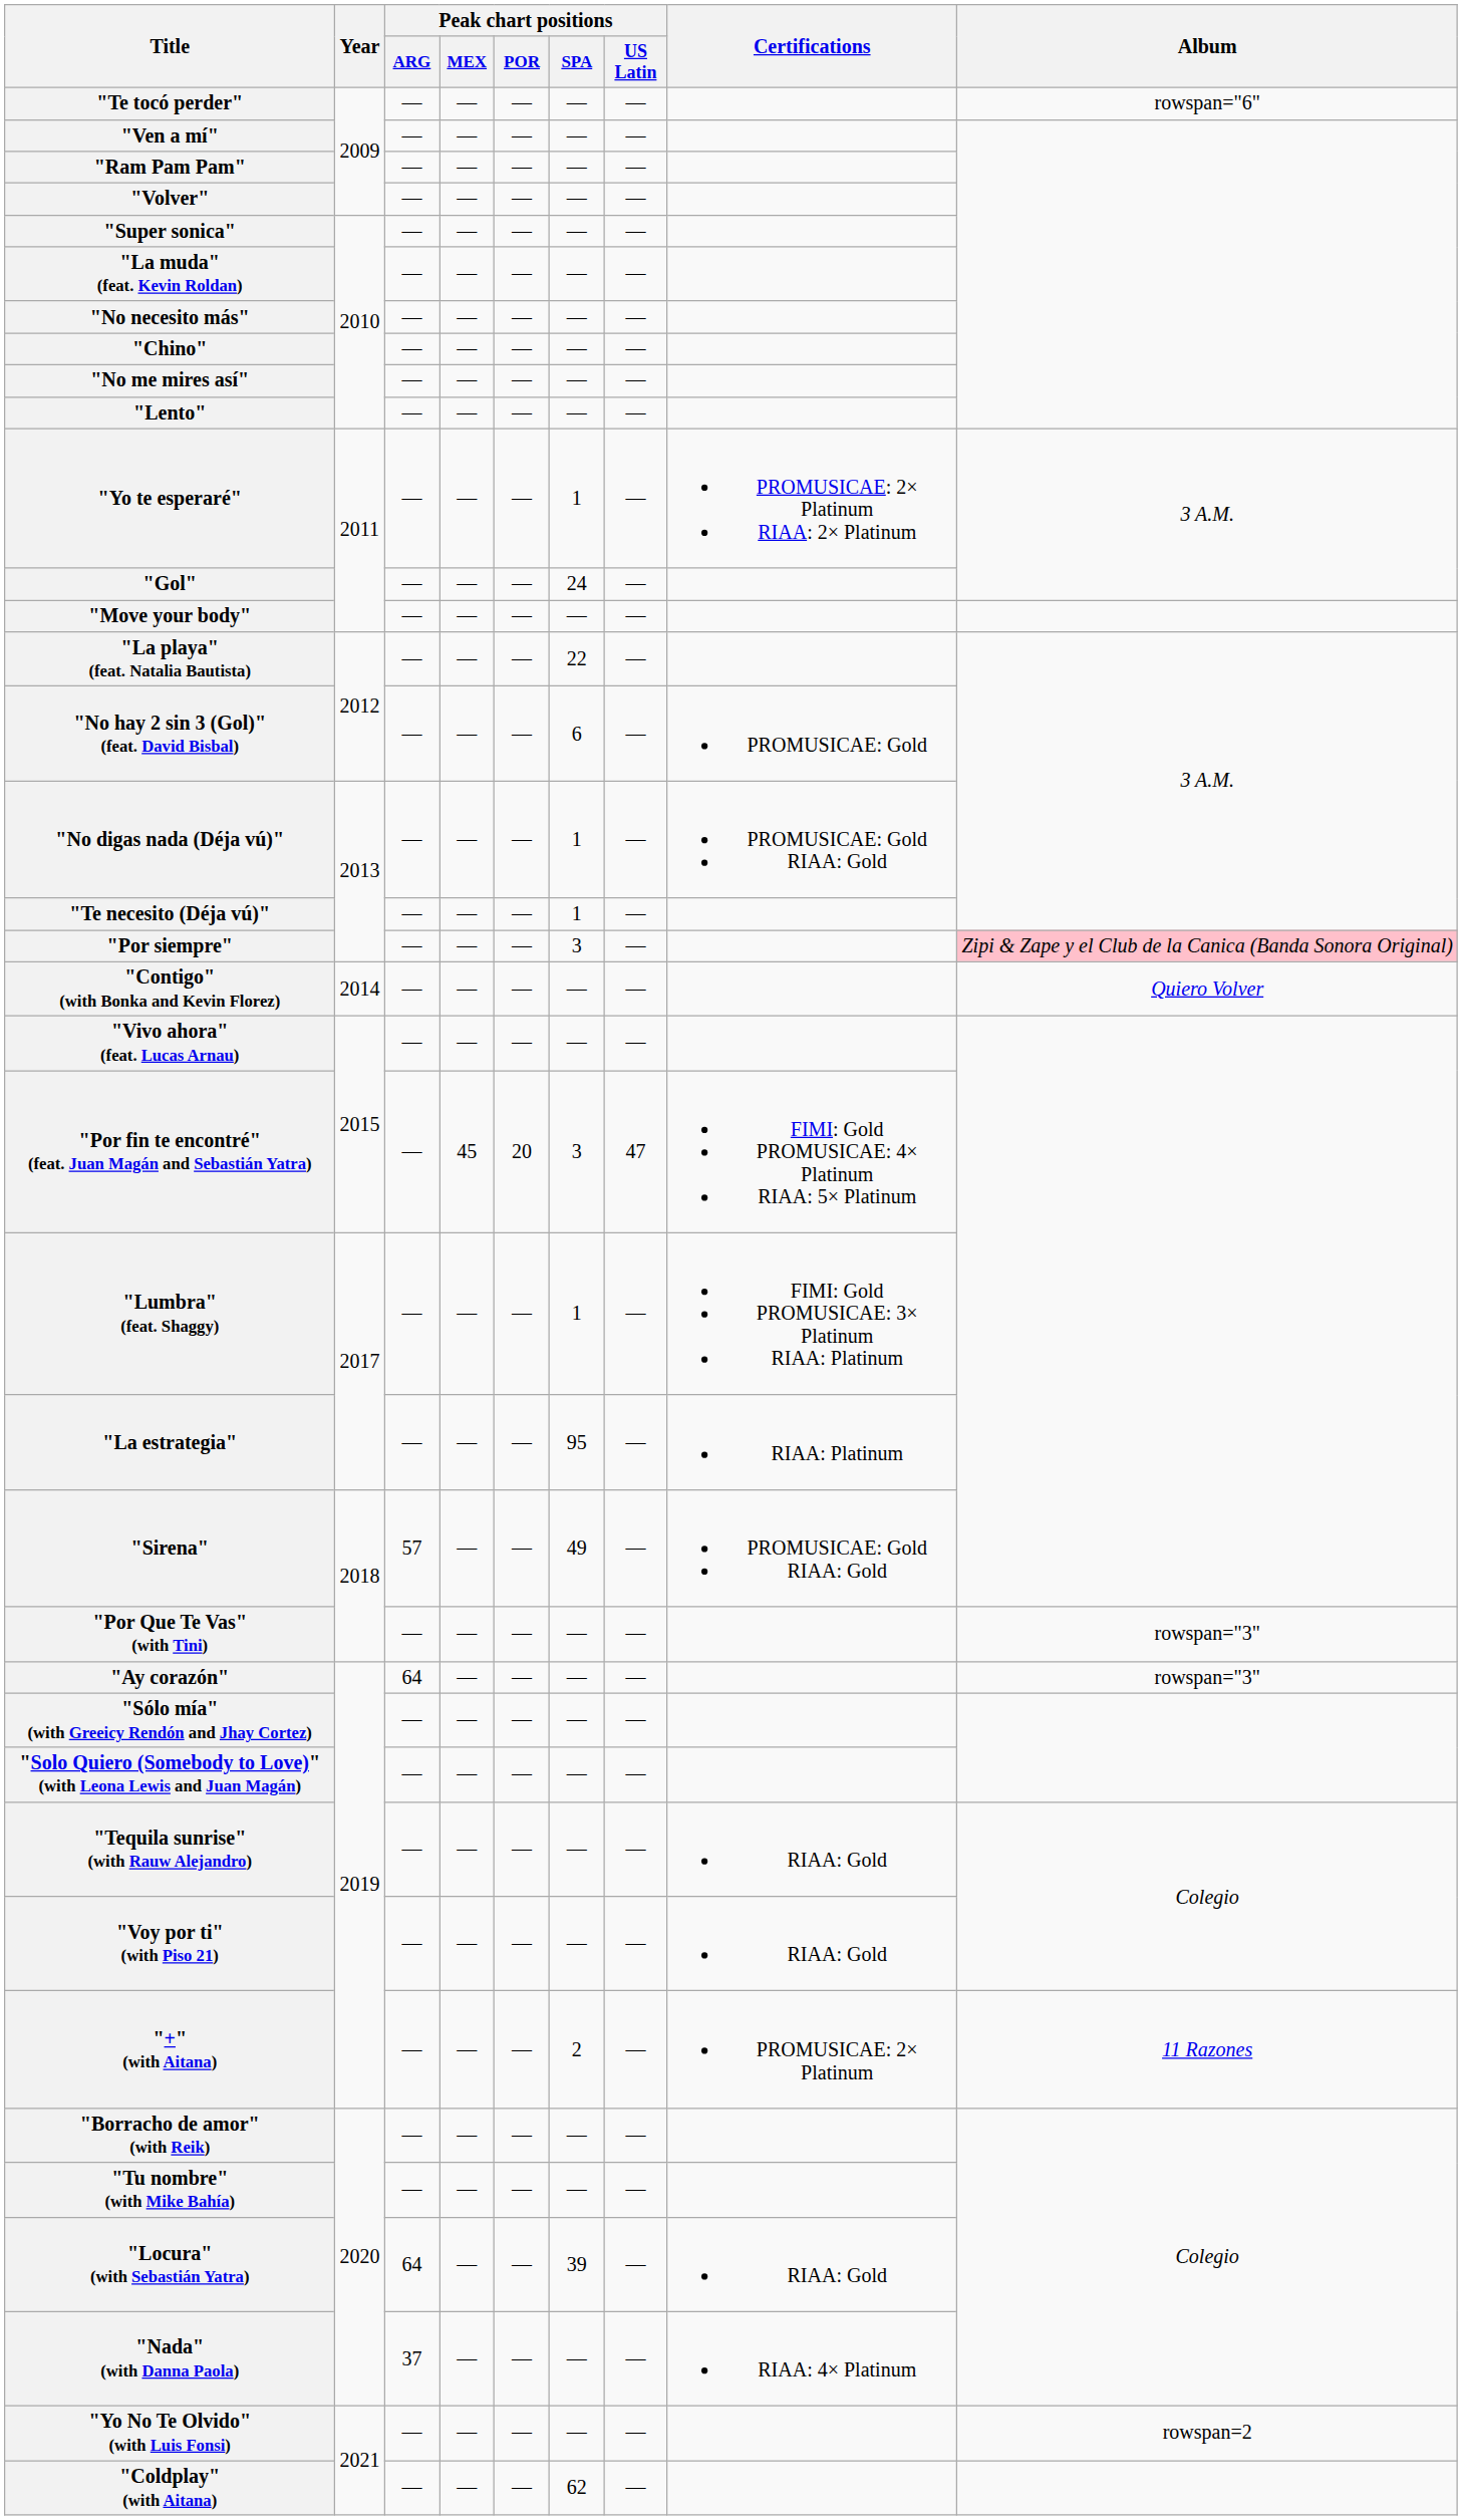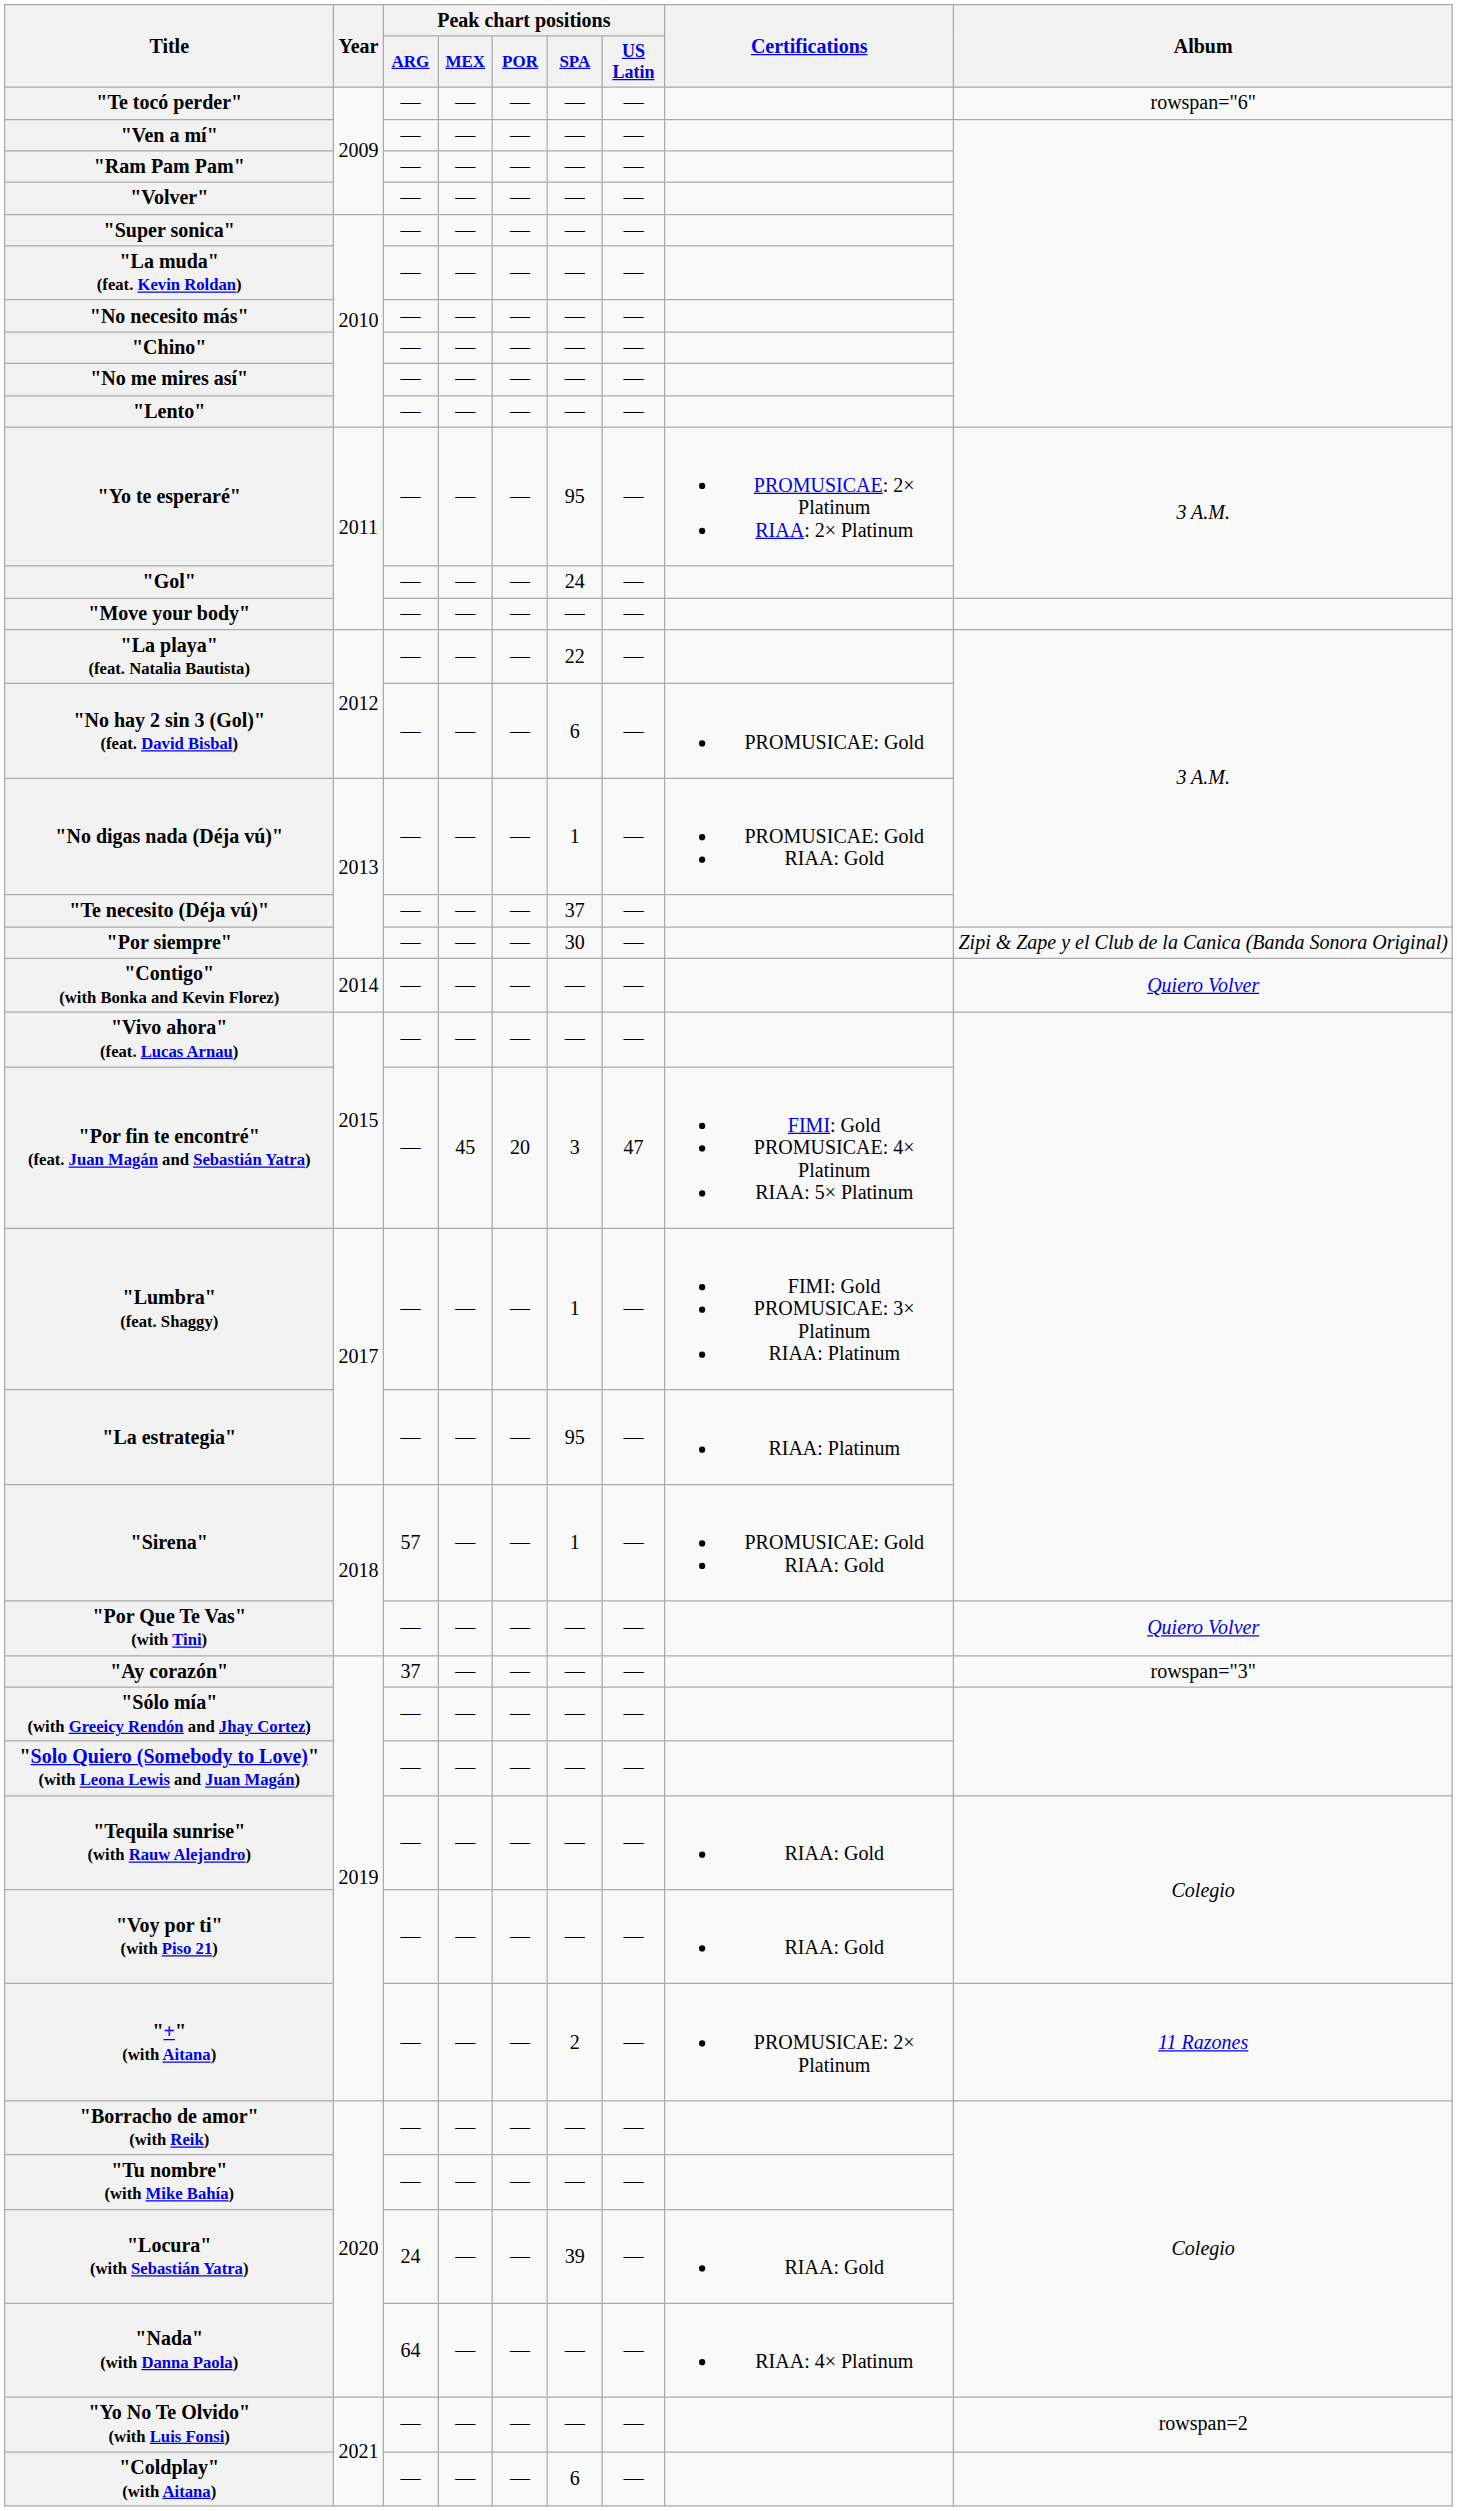 <table class="wikitable plainrowheaders" style="text-align:center;">
 <tr>
 <th scope="col" rowspan="2" style="width:16em;">Title</th>
 <th scope="col" rowspan="2">Year</th>
 <th scope="col" colspan="5">Peak chart positions</th>
 <th scope="col" rowspan="2" style="width:14em;"><a href='#'>Certifications</a></th>
 <th scope="col" rowspan="2">Album</th>
 </tr>
 <tr>
 <th scope="col" style="width:2.75em;font-size:85%;"><a href='#'>ARG</a><br></th>
 <th scope="col" style="width:2.75em;font-size:85%;"><a href='#'>MEX</a><br></th>
 <th scope="col" style="width:2.75em;font-size:85%;"><a href='#'>POR</a><br></th>
 <th scope="col" style="width:2.75em;font-size:85%;"><a href='#'>SPA</a><br></th>
 <th scope="col" style="width:3em;font-size:90%;"><a href='#'>US<br>Latin</a><br></th>
 </tr>
 <tr>
 <th scope="row">"Te tocó perder"</th>
 <td rowspan="4">2009</td>
 <td>—</td>
 <td>—</td>
 <td>—</td>
 <td>—</td>
 <td>—</td>
 <td></td>
 <td>rowspan="6" </td>
 </tr>
 <tr>
 <th scope="row">"Ven a mí"</th>
 <td>—</td>
 <td>—</td>
 <td>—</td>
 <td>—</td>
 <td>—</td>
 <td></td>
 </tr>
 <tr>
 <th scope="row">"Ram Pam Pam"</th>
 <td>—</td>
 <td>—</td>
 <td>—</td>
 <td>—</td>
 <td>—</td>
 <td></td>
 </tr>
 <tr>
 <th scope="row">"Volver"</th>
 <td>—</td>
 <td>—</td>
 <td>—</td>
 <td>—</td>
 <td>—</td>
 <td></td>
 </tr>
 <tr>
 <th scope="row">"Super sonica"</th>
 <td rowspan="6">2010</td>
 <td>—</td>
 <td>—</td>
 <td>—</td>
 <td>—</td>
 <td>—</td>
 <td></td>
 </tr>
 <tr>
 <th scope="row">"La muda" <br><small>(feat. <a href='#'>Kevin Roldan</a>)</small></th>
 <td>—</td>
 <td>—</td>
 <td>—</td>
 <td>—</td>
 <td>—</td>
 <td></td>
 </tr>
 <tr>
 <th scope="row">"No necesito más"</th>
 <td>—</td>
 <td>—</td>
 <td>—</td>
 <td>—</td>
 <td>—</td>
 <td></td>
 </tr>
 <tr>
 <th scope="row">"Chino"</th>
 <td>—</td>
 <td>—</td>
 <td>—</td>
 <td>—</td>
 <td>—</td>
 <td></td>
 </tr>
 <tr>
 <th scope="row">"No me mires así"</th>
 <td>—</td>
 <td>—</td>
 <td>—</td>
 <td>—</td>
 <td>—</td>
 <td></td>
 </tr>
 <tr>
 <th scope="row">"Lento"</th>
 <td>—</td>
 <td>—</td>
 <td>—</td>
 <td>—</td>
 <td>—</td>
 <td></td>
 </tr>
 <tr>
 <th scope="row">"Yo te esperaré"</th>
 <td rowspan="3">2011</td>
 <td>—</td>
 <td>—</td>
 <td>—</td>
-<td>1</td>
+<td>95</td>
 <td>—</td>
 <td><br><ul><li><a href='#'>PROMUSICAE</a>: 2× Platinum</li><li><a href='#'>RIAA</a>: 2× Platinum </li></ul></td>
 <td rowspan="2"><em>3 A.M.</em></td>
 </tr>
 <tr>
 <th scope="row">"Gol"</th>
 <td>—</td>
 <td>—</td>
 <td>—</td>
 <td>24</td>
 <td>—</td>
 <td></td>
 </tr>
 <tr>
 <th scope="row">"Move your body"</th>
 <td>—</td>
 <td>—</td>
 <td>—</td>
 <td>—</td>
 <td>—</td>
 <td></td>
 <td></td>
 </tr>
 <tr>
 <th scope="row">"La playa" <br><small>(feat. Natalia Bautista)</small></th>
 <td rowspan="2">2012</td>
 <td>—</td>
 <td>—</td>
 <td>—</td>
 <td>22</td>
 <td>—</td>
 <td></td>
 <td rowspan="4"><em>3 A.M.</em></td>
 </tr>
 <tr>
 <th scope="row">"No hay 2 sin 3 (Gol)" <br><small>(feat. <a href='#'>David Bisbal</a>)</small></th>
 <td>—</td>
 <td>—</td>
 <td>—</td>
 <td>6</td>
 <td>—</td>
 <td><br><ul><li>PROMUSICAE: Gold</li></ul></td>
 </tr>
 <tr>
 <th scope="row">"No digas nada (Déja vú)"</th>
 <td rowspan="3">2013</td>
 <td>—</td>
 <td>—</td>
 <td>—</td>
 <td>1</td>
 <td>—</td>
 <td><br><ul><li>PROMUSICAE: Gold</li><li>RIAA: Gold </li></ul></td>
 </tr>
 <tr>
 <th scope="row">"Te necesito (Déja vú)"</th>
 <td>—</td>
 <td>—</td>
 <td>—</td>
-<td>1</td>
+<td>37</td>
 <td>—</td>
 <td></td>
 </tr>
 <tr>
 <th scope="row">"Por siempre"</th>
 <td>—</td>
 <td>—</td>
 <td>—</td>
-<td>3</td>
+<td>30</td>
 <td>—</td>
 <td></td>
-<td style="background: pink;"><em>Zipi & Zape y el Club de la Canica (Banda Sonora Original)</em></td>
+<td><em>Zipi & Zape y el Club de la Canica (Banda Sonora Original)</em></td>
 </tr>
 <tr>
 <th scope="row">"Contigo" <br><small>(with Bonka and Kevin Florez)</small></th>
 <td>2014</td>
 <td>—</td>
 <td>—</td>
 <td>—</td>
 <td>—</td>
 <td>—</td>
 <td></td>
 <td><em><a href='#'>Quiero Volver</a></em></td>
 </tr>
 <tr>
 <th scope="row">"Vivo ahora" <br><small>(feat. <a href='#'>Lucas Arnau</a>)</small></th>
 <td rowspan="2">2015</td>
 <td>—</td>
 <td>—</td>
 <td>—</td>
 <td>—</td>
 <td>—</td>
 <td></td>
 </tr>
 <tr>
 <th scope="row">"Por fin te encontré" <br><small>(feat. <a href='#'>Juan Magán</a> and <a href='#'>Sebastián Yatra</a>)</small></th>
 <td>—</td>
 <td>45</td>
 <td>20</td>
 <td>3</td>
 <td>47</td>
 <td><br><ul><li><a href='#'>FIMI</a>: Gold</li><li>PROMUSICAE: 4× Platinum</li><li>RIAA: 5× Platinum </li></ul></td>
 </tr>
 <tr>
 <th scope="row">"Lumbra" <br><small>(feat. Shaggy)</small></th>
 <td rowspan="2">2017</td>
 <td>—</td>
 <td>—</td>
 <td>—</td>
 <td>1</td>
 <td>—</td>
 <td><br><ul><li>FIMI: Gold</li><li>PROMUSICAE: 3× Platinum</li><li>RIAA: Platinum </li></ul></td>
 </tr>
 <tr>
 <th scope="row">"La estrategia"</th>
 <td>—</td>
 <td>—</td>
 <td>—</td>
 <td>95</td>
 <td>—</td>
 <td><br><ul><li>RIAA: Platinum </li></ul></td>
 </tr>
 <tr>
 <th scope="row">"Sirena"</th>
 <td rowspan="2">2018</td>
 <td>57</td>
 <td>—</td>
 <td>—</td>
-<td>49</td>
+<td>1</td>
 <td>—</td>
 <td><br><ul><li>PROMUSICAE: Gold</li><li>RIAA: Gold </li></ul></td>
 </tr>
 <tr>
 <th scope="row">"Por Que Te Vas" <br><small>(with <a href='#'>Tini</a>)</small></th>
 <td>—</td>
 <td>—</td>
 <td>—</td>
 <td>—</td>
 <td>—</td>
 <td></td>
-<td>rowspan="3" </td>
+<td><em><a href='#'>Quiero Volver</a></em></td>
 </tr>
 <tr>
 <th scope="row">"Ay corazón"</th>
 <td rowspan="6">2019</td>
-<td>64</td>
+<td>37</td>
 <td>—</td>
 <td>—</td>
 <td>—</td>
 <td>—</td>
 <td></td>
 <td>rowspan="3" </td>
 </tr>
 <tr>
 <th scope="row">"Sólo mía" <br><small>(with <a href='#'>Greeicy Rendón</a> and <a href='#'>Jhay Cortez</a>)</small></th>
 <td>—</td>
 <td>—</td>
 <td>—</td>
 <td>—</td>
 <td>—</td>
 <td></td>
 </tr>
 <tr>
 <th scope="row">"<a href='#'>Solo Quiero (Somebody to Love)</a>" <br><small>(with <a href='#'>Leona Lewis</a> and <a href='#'>Juan Magán</a>)</small></th>
 <td>—</td>
 <td>—</td>
 <td>—</td>
 <td>—</td>
 <td>—</td>
 <td></td>
 </tr>
 <tr>
 <th scope="row">"Tequila sunrise" <br><small>(with <a href='#'>Rauw Alejandro</a>)</small></th>
 <td>—</td>
 <td>—</td>
 <td>—</td>
 <td>—</td>
 <td>—</td>
 <td><br><ul><li>RIAA: Gold </li></ul></td>
 <td rowspan="2"><em>Colegio</em></td>
 </tr>
 <tr>
 <th scope="row">"Voy por ti" <br><small>(with <a href='#'>Piso 21</a>)</small></th>
 <td>—</td>
 <td>—</td>
 <td>—</td>
 <td>—</td>
 <td>—</td>
 <td><br><ul><li>RIAA: Gold </li></ul></td>
 </tr>
 <tr>
 <th scope="row">"<a href='#'>+</a>" <br><small>(with <a href='#'>Aitana</a>)</small></th>
 <td>—</td>
 <td>—</td>
 <td>—</td>
 <td>2</td>
 <td>—</td>
 <td><br><ul><li>PROMUSICAE: 2× Platinum</li></ul></td>
 <td><em><a href='#'>11 Razones</a></em></td>
 </tr>
 <tr>
 <th scope="row">"Borracho de amor" <br><small>(with <a href='#'>Reik</a>)</small></th>
 <td rowspan="4">2020</td>
 <td>—</td>
 <td>—</td>
 <td>—</td>
 <td>—</td>
 <td>—</td>
 <td></td>
 <td rowspan="4"><em>Colegio</em></td>
 </tr>
 <tr>
 <th scope="row">"Tu nombre" <br><small>(with <a href='#'>Mike Bahía</a>)</small></th>
 <td>—</td>
 <td>—</td>
 <td>—</td>
 <td>—</td>
 <td>—</td>
 <td></td>
 </tr>
 <tr>
 <th scope="row">"Locura" <br><small>(with <a href='#'>Sebastián Yatra</a>)</small></th>
-<td>64</td>
+<td>24</td>
 <td>—</td>
 <td>—</td>
 <td>39</td>
 <td>—</td>
 <td><br><ul><li>RIAA: Gold </li></ul></td>
 </tr>
 <tr>
 <th scope="row">"Nada"<br><small>(with <a href='#'>Danna Paola</a>)</small></th>
-<td>37</td>
+<td>64</td>
 <td>—</td>
 <td>—</td>
 <td>—</td>
 <td>—</td>
 <td><br><ul><li>RIAA: 4× Platinum </li></ul></td>
 </tr>
 <tr>
 <th scope="row">"Yo No Te Olvido" <br> <small>(with <a href='#'>Luis Fonsi</a>)</small></th>
 <td rowspan=2>2021</td>
 <td>―</td>
 <td>—</td>
 <td>—</td>
 <td>―</td>
 <td>—</td>
 <td></td>
 <td>rowspan=2 </td>
 </tr>
 <tr>
 <th scope="row">"Coldplay" <br> <small>(with <a href='#'>Aitana</a>)</small></th>
 <td>—</td>
 <td>—</td>
 <td>—</td>
-<td>62</td>
+<td>6</td>
 <td>—</td>
 <td></td>
 </tr>
 </table>
